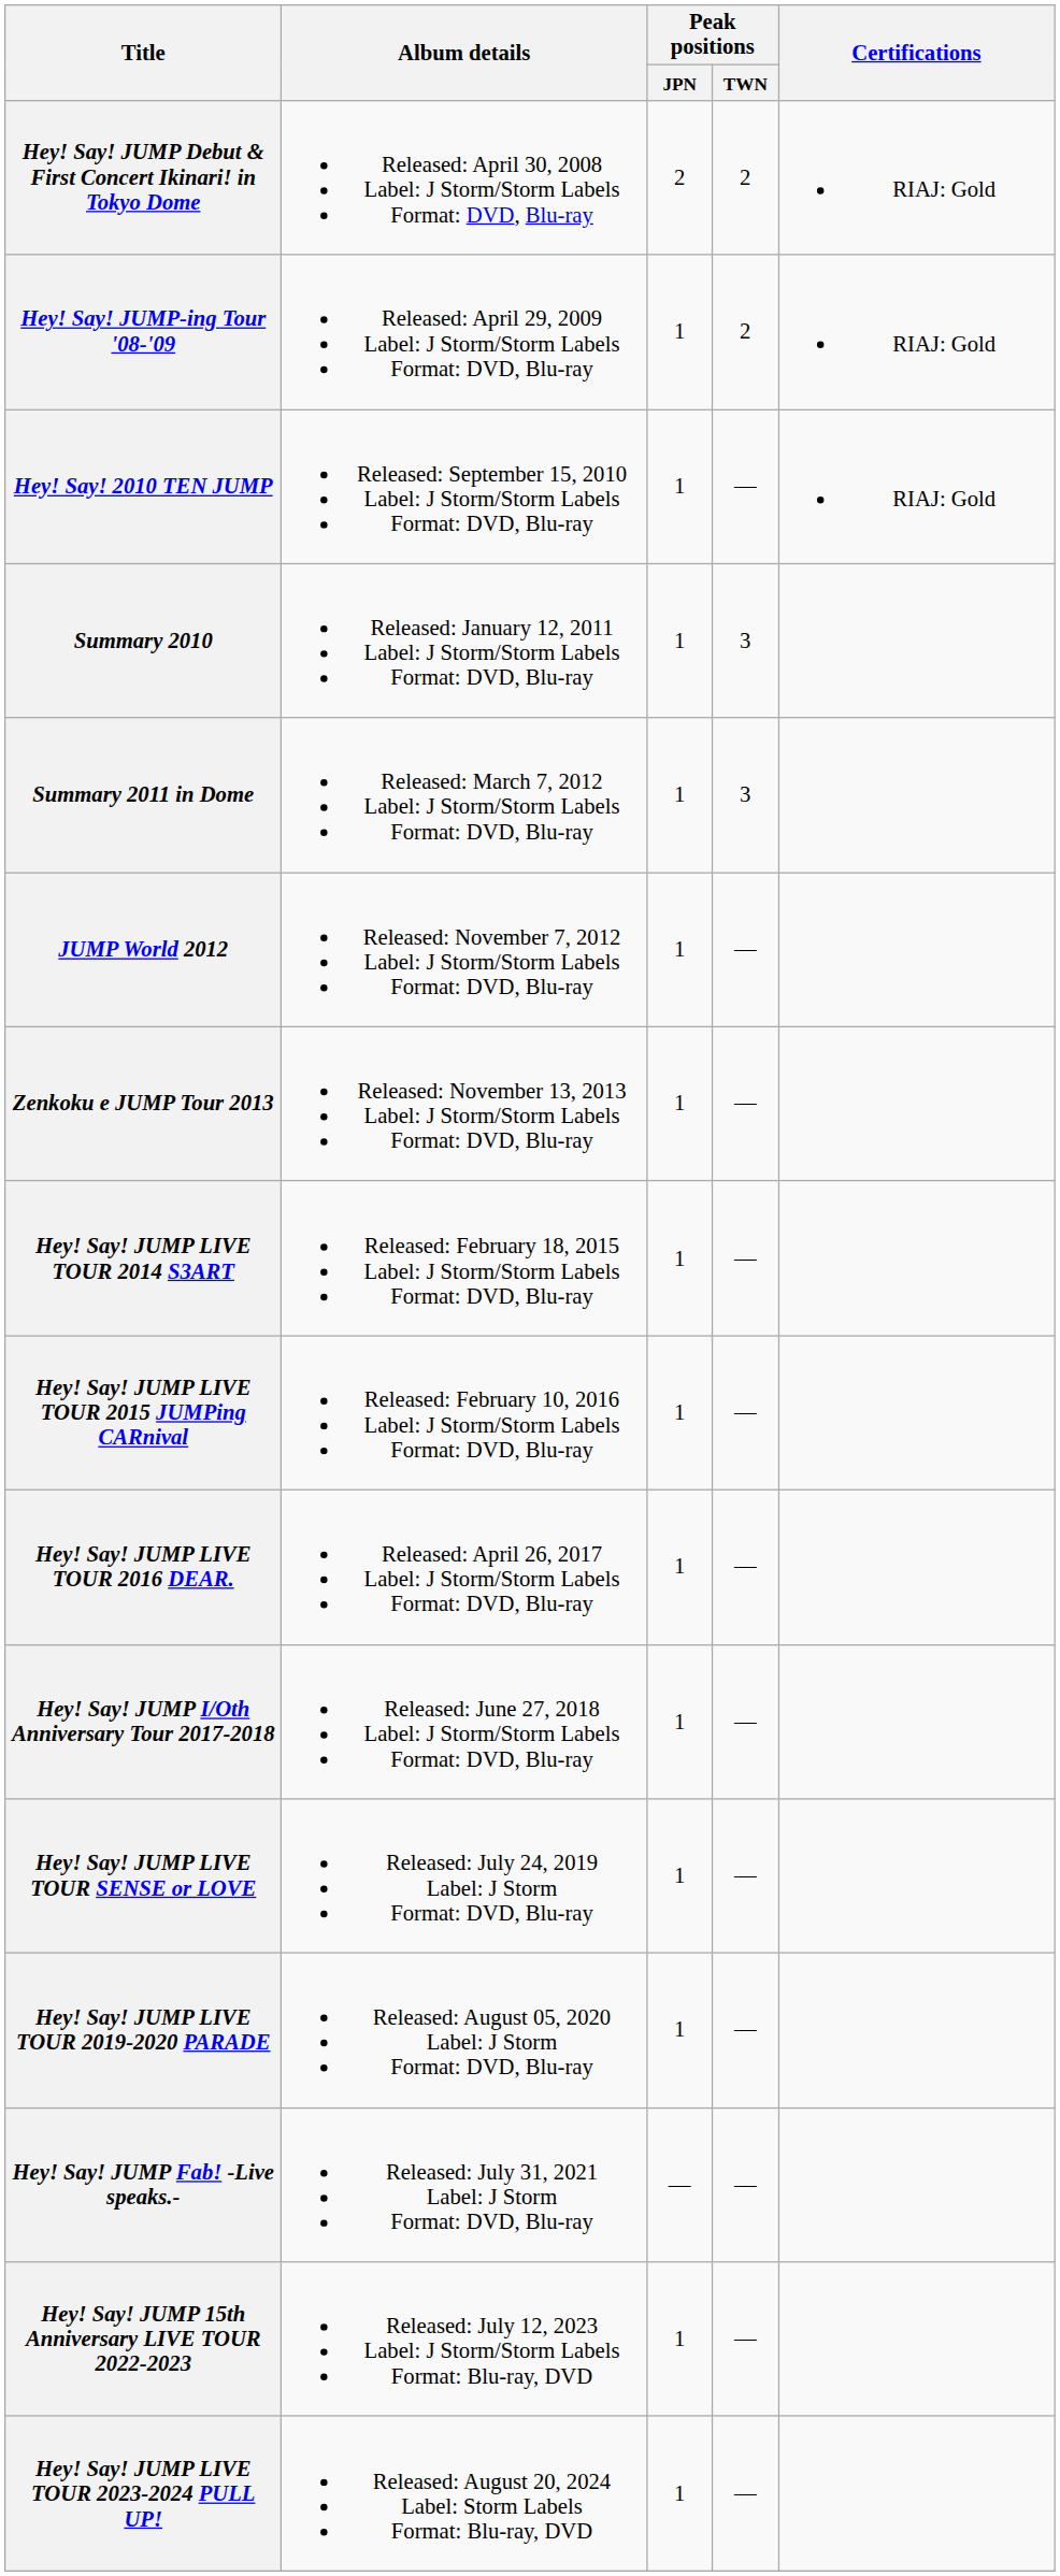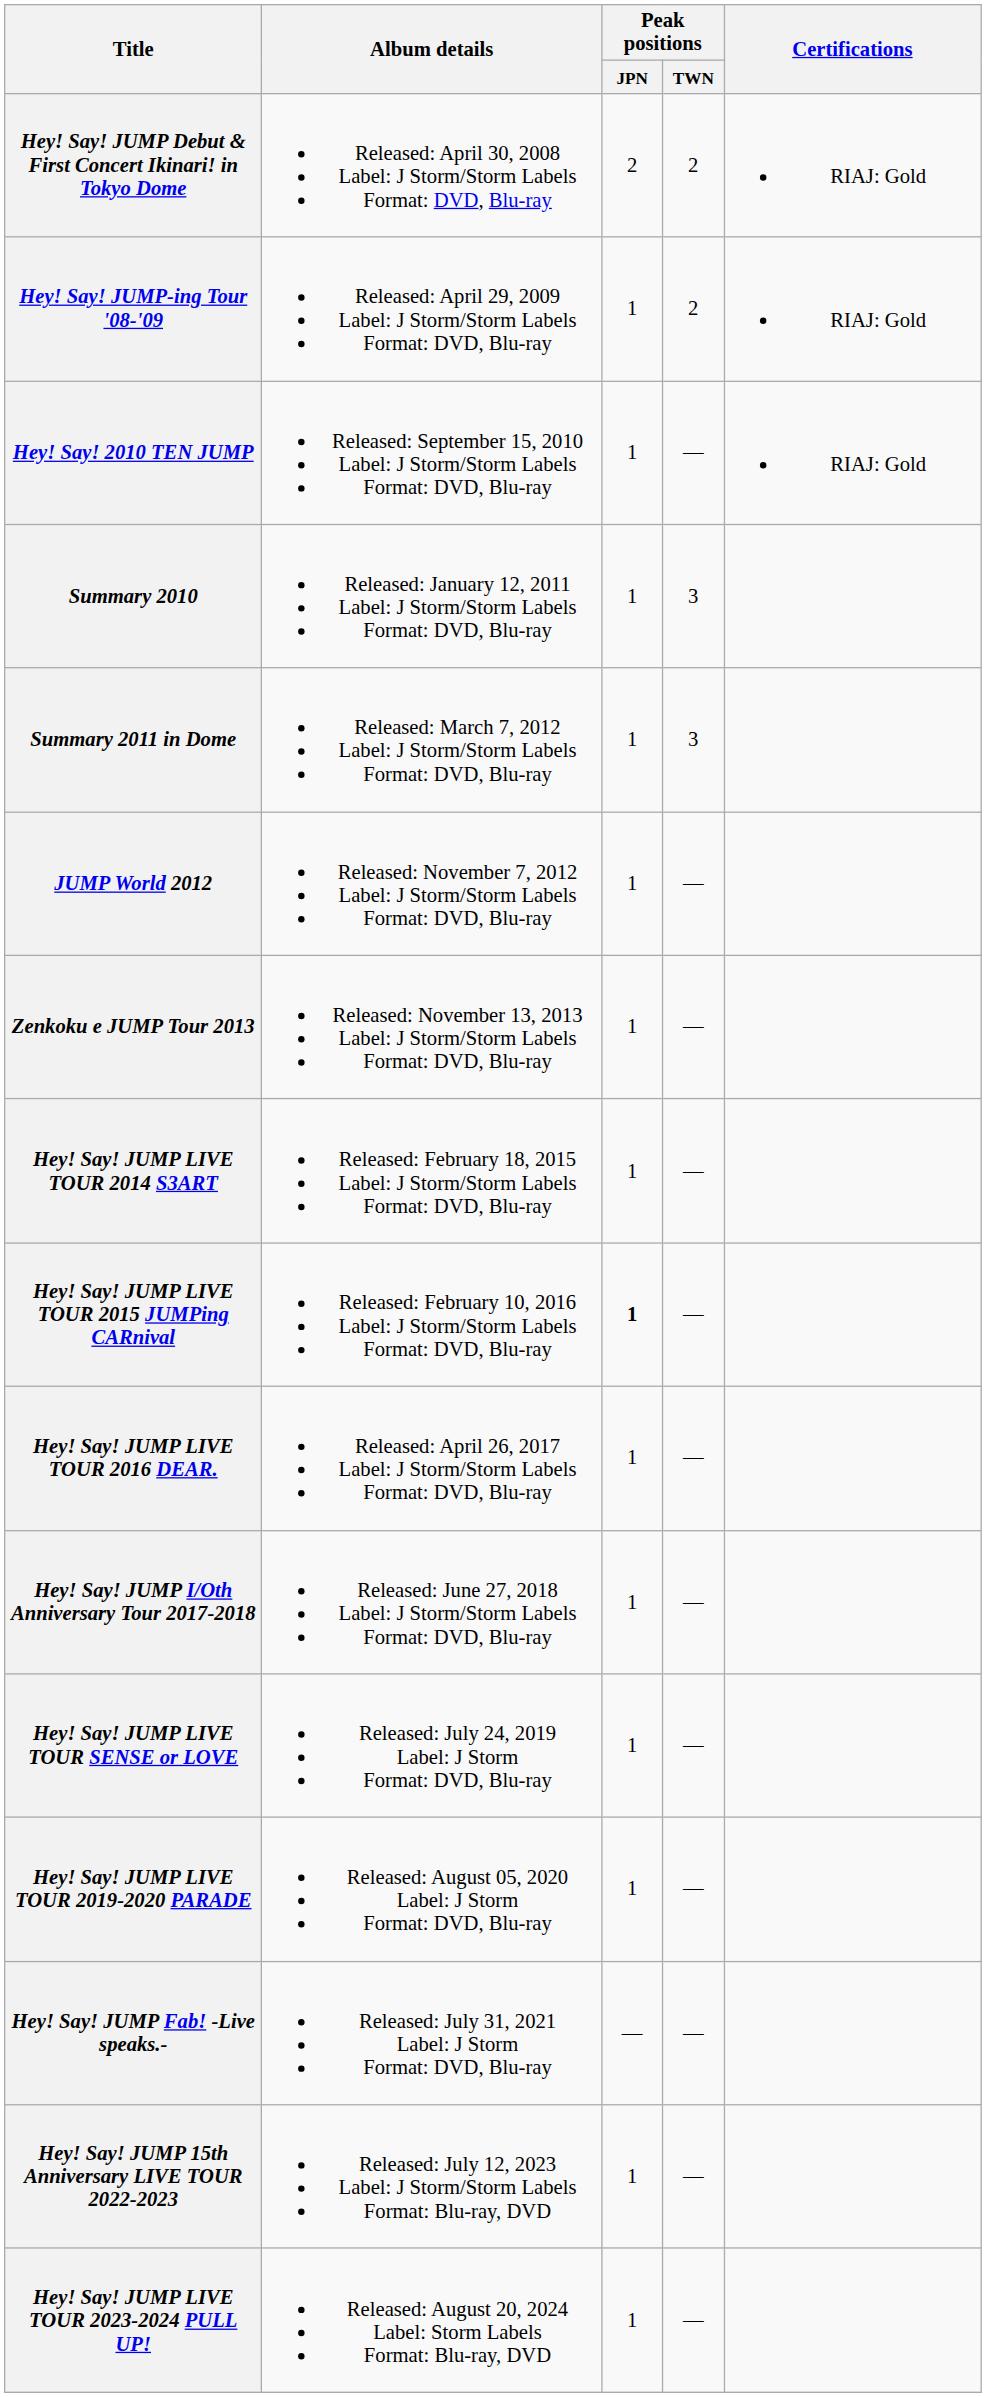 <table class="wikitable plainrowheaders" style="text-align:center;" border="1">
 <tr>
 <th style="width:12em;" rowspan="2">Title</th>
 <th style="width:16em;" rowspan="2">Album details</th>
 <th colspan="2">Peak positions</th>
 <th style="width:12em;" rowspan="2"><a href='#'>Certifications</a></th>
 </tr>
 <tr>
 <th style="width:2.5em;"><small>JPN</small><br></th>
 <th style="width:2.5em;"><small>TWN</small><br></th>
 </tr>
 <tr>
 <th scope="row"><em>Hey! Say! JUMP Debut & First Concert Ikinari! in <a href='#'>Tokyo Dome</a></em></th>
 <td><br><ul><li>Released: April 30, 2008</li><li>Label: J Storm/Storm Labels</li><li>Format: <a href='#'>DVD</a>, <a href='#'>Blu-ray</a></li></ul></td>
 <td>2</td>
 <td>2</td>
 <td><br><ul><li>RIAJ: Gold</li></ul></td>
 </tr>
 <tr>
 <th scope="row"><em><a href='#'>Hey! Say! JUMP-ing Tour '08-'09</a></em></th>
 <td><br><ul><li>Released: April 29, 2009</li><li>Label: J Storm/Storm Labels</li><li>Format: DVD, Blu-ray</li></ul></td>
 <td>1</td>
 <td>2</td>
 <td><br><ul><li>RIAJ: Gold</li></ul></td>
 </tr>
 <tr>
 <th scope="row"><em><a href='#'>Hey! Say! 2010 TEN JUMP</a></em></th>
 <td><br><ul><li>Released: September 15, 2010</li><li>Label: J Storm/Storm Labels</li><li>Format: DVD, Blu-ray</li></ul></td>
 <td>1</td>
 <td>—</td>
 <td><br><ul><li>RIAJ: Gold</li></ul></td>
 </tr>
 <tr>
 <th scope="row"><em>Summary 2010</em></th>
 <td><br><ul><li>Released: January 12, 2011</li><li>Label: J Storm/Storm Labels</li><li>Format: DVD, Blu-ray</li></ul></td>
 <td>1</td>
 <td>3</td>
 <td></td>
 </tr>
 <tr>
 <th scope="row"><em>Summary 2011 in Dome</em></th>
 <td><br><ul><li>Released: March 7, 2012</li><li>Label: J Storm/Storm Labels</li><li>Format: DVD, Blu-ray</li></ul></td>
 <td>1</td>
 <td>3</td>
 <td></td>
 </tr>
 <tr>
 <th scope="row"><em><a href='#'>JUMP World</a> 2012</em></th>
 <td><br><ul><li>Released: November 7, 2012</li><li>Label: J Storm/Storm Labels</li><li>Format: DVD, Blu-ray</li></ul></td>
 <td>1</td>
 <td>—</td>
 <td></td>
 </tr>
 <tr>
 <th scope="row"><em>Zenkoku e JUMP Tour 2013</em></th>
 <td><br><ul><li>Released: November 13, 2013</li><li>Label: J Storm/Storm Labels</li><li>Format: DVD, Blu-ray</li></ul></td>
 <td>1</td>
 <td>—</td>
 <td></td>
 </tr>
 <tr>
 <th scope="row"><em>Hey! Say! JUMP LIVE TOUR 2014 <a href='#'>S3ART</a></em></th>
 <td><br><ul><li>Released: February 18, 2015</li><li>Label: J Storm/Storm Labels</li><li>Format: DVD, Blu-ray</li></ul></td>
 <td>1</td>
 <td>—</td>
 <td></td>
 </tr>
 <tr>
 <th scope="row"><em>Hey! Say! JUMP LIVE TOUR 2015 <a href='#'>JUMPing CARnival</a></em></th>
 <td><br><ul><li>Released: February 10, 2016</li><li>Label: J Storm/Storm Labels</li><li>Format: DVD, Blu-ray</li></ul></td>
-<td>1</td>
+<td><strong>1</strong></td>
 <td>—</td>
 <td></td>
 </tr>
 <tr>
 <th scope="row"><em>Hey! Say! JUMP LIVE TOUR 2016 <a href='#'>DEAR.</a></em></th>
 <td><br><ul><li>Released: April 26, 2017</li><li>Label: J Storm/Storm Labels</li><li>Format: DVD, Blu-ray</li></ul></td>
 <td>1</td>
 <td>—</td>
 <td></td>
 </tr>
 <tr>
 <th scope="row"><em>Hey! Say! JUMP <a href='#'>I/Oth</a> Anniversary Tour 2017-2018</em></th>
 <td><br><ul><li>Released: June 27, 2018</li><li>Label: J Storm/Storm Labels</li><li>Format: DVD, Blu-ray</li></ul></td>
 <td>1</td>
 <td>—</td>
 <td></td>
 </tr>
 <tr>
 <th scope="row"><em>Hey! Say! JUMP LIVE TOUR <a href='#'>SENSE or LOVE</a></em></th>
 <td><br><ul><li>Released: July 24, 2019</li><li>Label: J Storm</li><li>Format: DVD, Blu-ray</li></ul></td>
 <td>1</td>
 <td>—</td>
 <td></td>
 </tr>
 <tr>
 <th scope="row"><em>Hey! Say! JUMP LIVE TOUR 2019-2020 <a href='#'>PARADE</a></em></th>
 <td><br><ul><li>Released: August 05, 2020</li><li>Label: J Storm</li><li>Format: DVD, Blu-ray</li></ul></td>
 <td>1</td>
 <td>—</td>
 <td></td>
 </tr>
 <tr>
 <th scope="row"><em>Hey! Say! JUMP <a href='#'>Fab!</a> -Live speaks.-</em></th>
 <td><br><ul><li>Released: July 31, 2021</li><li>Label: J Storm</li><li>Format: DVD, Blu-ray</li></ul></td>
 <td>—</td>
 <td>—</td>
 <td></td>
 </tr>
 <tr>
 <th scope="row"><em>Hey! Say! JUMP 15th Anniversary LIVE TOUR 2022-2023</em></th>
 <td><br><ul><li>Released: July 12, 2023</li><li>Label: J Storm/Storm Labels</li><li>Format: Blu-ray, DVD</li></ul></td>
 <td>1</td>
 <td>—</td>
 <td></td>
 </tr>
 <tr>
 <th scope="row"><em>Hey! Say! JUMP LIVE TOUR 2023-2024 <a href='#'>PULL UP!</a></em></th>
 <td><br><ul><li>Released: August 20, 2024</li><li>Label: Storm Labels</li><li>Format: Blu-ray, DVD</li></ul></td>
 <td>1</td>
 <td>—</td>
 <td></td>
 </tr>
 <tr>
 </tr>
 </table>
